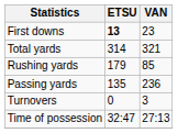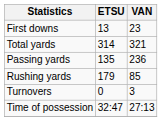 <table class="wikitable" style="float: left;">
 <tr>
 <th>Statistics</th>
 <th>ETSU</th>
 <th>VAN</th>
 </tr>
 <tr>
 <td>First downs</td>
-<td><strong>13</strong></td>
+<td>13</td>
 <td>23</td>
 </tr>
 <tr>
 <td>Total yards</td>
 <td>314</td>
 <td>321</td>
 </tr>
 <tr>
+<td>Passing yards</td>
+<td>135</td>
+<td>236</td>
+</tr>
+<tr>
 <td>Rushing yards</td>
 <td>179</td>
 <td>85</td>
-</tr>
-<tr>
-<td>Passing yards</td>
-<td>135</td>
-<td>236</td>
 </tr>
 <tr>
 <td>Turnovers</td>
 <td>0</td>
 <td>3</td>
 </tr>
 <tr>
 <td>Time of possession</td>
 <td>32:47</td>
 <td>27:13</td>
 </tr>
 <tr>
 </tr>
 </table>
